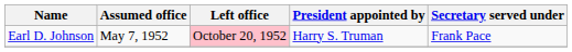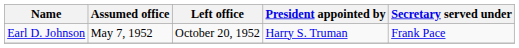 <table class="wikitable">
 <tr>
 <th>Name</th>
 <th>Assumed office</th>
 <th>Left office</th>
 <th><a href='#'>President</a> appointed by</th>
 <th><a href='#'>Secretary</a> served under</th>
 </tr>
 <tr>
 <td><a href='#'>Earl D. Johnson</a></td>
 <td>May 7, 1952</td>
-<td style="background: pink;">October 20, 1952</td>
+<td>October 20, 1952</td>
 <td><a href='#'>Harry S. Truman</a></td>
 <td><a href='#'>Frank Pace</a></td>
 </tr>
 <tr>
 </tr>
 </table>
